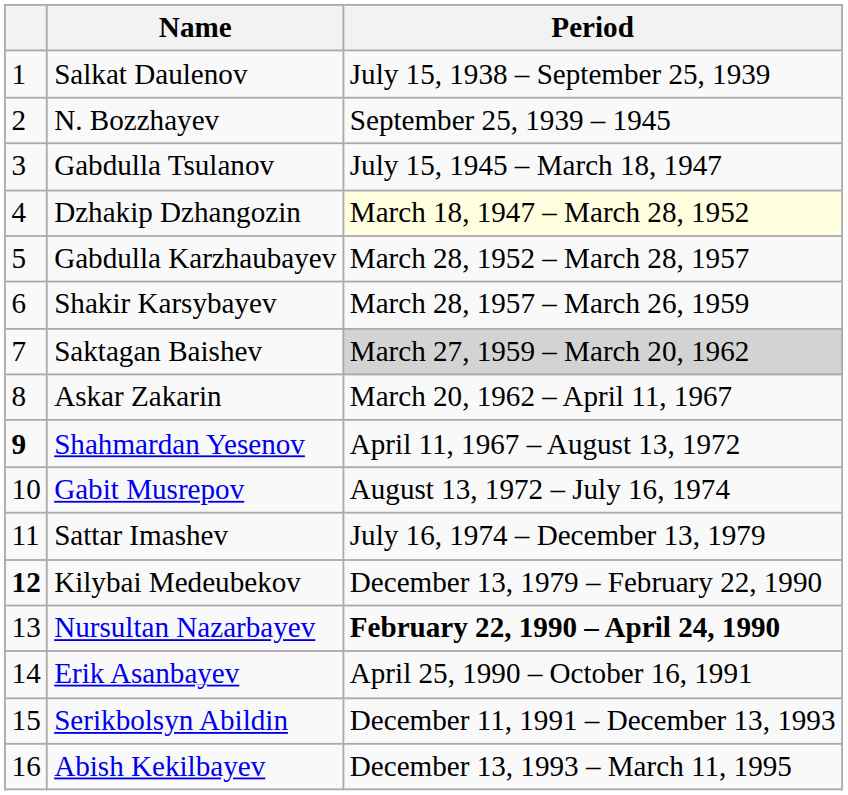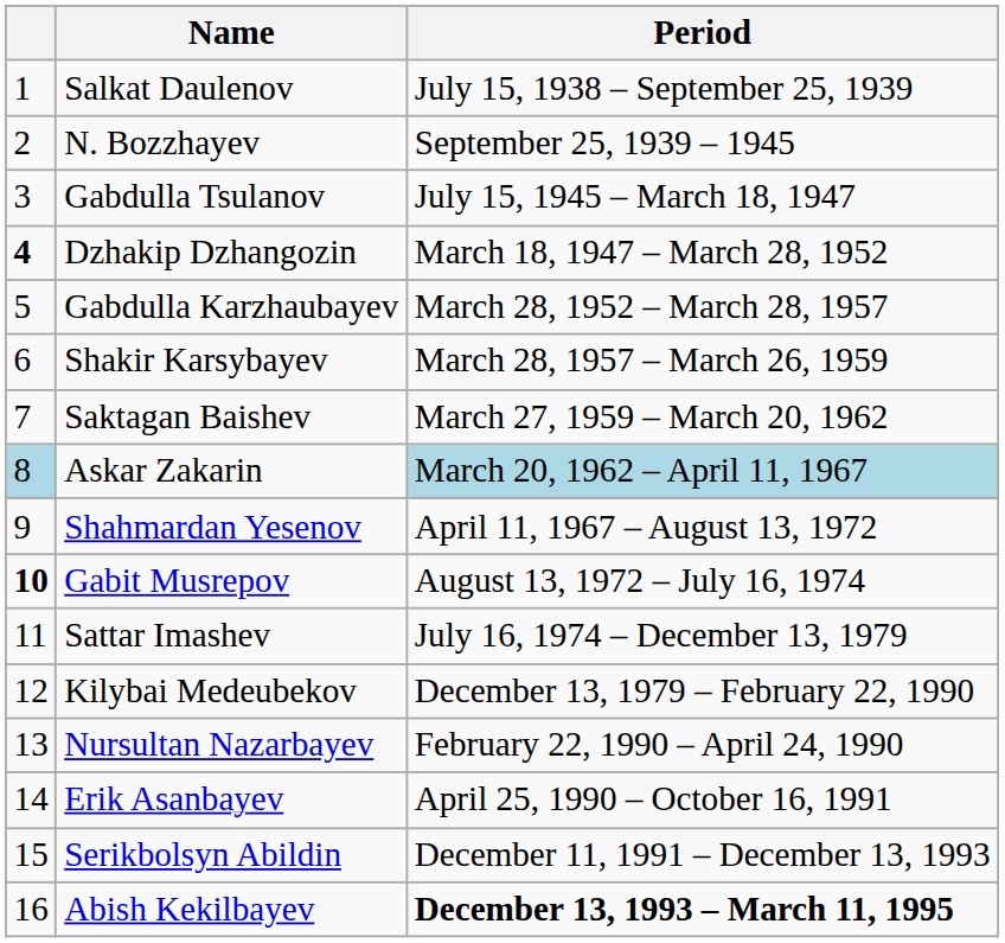 <table class="wikitable">
 <tr>
 <th></th>
 <th>Name</th>
 <th>Period</th>
 </tr>
 <tr>
 <td>1</td>
 <td>Salkat Daulenov</td>
 <td>July 15, 1938 – September 25, 1939</td>
 </tr>
 <tr>
 <td>2</td>
 <td>N. Bozzhayev</td>
 <td>September 25, 1939 – 1945</td>
 </tr>
 <tr>
 <td>3</td>
 <td>Gabdulla Tsulanov</td>
 <td>July 15, 1945 – March 18, 1947</td>
 </tr>
 <tr>
-<td>4</td>
+<td><strong>4</strong></td>
 <td>Dzhakip Dzhangozin</td>
-<td style="background: lightyellow;">March 18, 1947 – March 28, 1952</td>
+<td>March 18, 1947 – March 28, 1952</td>
 </tr>
 <tr>
 <td>5</td>
 <td>Gabdulla Karzhaubayev</td>
 <td>March 28, 1952 – March 28, 1957</td>
 </tr>
 <tr>
 <td>6</td>
 <td>Shakir Karsybayev</td>
 <td>March 28, 1957 – March 26, 1959</td>
 </tr>
 <tr>
 <td>7</td>
 <td>Saktagan Baishev</td>
-<td style="background: lightgrey;">March 27, 1959 – March 20, 1962</td>
+<td>March 27, 1959 – March 20, 1962</td>
 </tr>
 <tr>
-<td>8</td>
+<td style="background: lightblue;">8</td>
 <td>Askar Zakarin</td>
-<td>March 20, 1962 – April 11, 1967</td>
+<td style="background: lightblue;">March 20, 1962 – April 11, 1967</td>
 </tr>
 <tr>
-<td><strong>9</strong></td>
+<td>9</td>
 <td><a href='#'>Shahmardan Yesenov</a></td>
 <td>April 11, 1967 – August 13, 1972</td>
 </tr>
 <tr>
-<td>10</td>
+<td><strong>10</strong></td>
 <td><a href='#'>Gabit Musrepov</a></td>
 <td>August 13, 1972 – July 16, 1974</td>
 </tr>
 <tr>
 <td>11</td>
 <td>Sattar Imashev</td>
 <td>July 16, 1974 – December 13, 1979</td>
 </tr>
 <tr>
-<td><strong>12</strong></td>
+<td>12</td>
 <td>Kilybai Medeubekov</td>
 <td>December 13, 1979 – February 22, 1990</td>
 </tr>
 <tr>
 <td>13</td>
 <td><a href='#'>Nursultan Nazarbayev</a></td>
-<td><strong>February 22, 1990 – April 24, 1990</strong></td>
+<td>February 22, 1990 – April 24, 1990</td>
 </tr>
 <tr>
 <td>14</td>
 <td><a href='#'>Erik Asanbayev</a></td>
 <td>April 25, 1990 – October 16, 1991</td>
 </tr>
 <tr>
 <td>15</td>
 <td><a href='#'>Serikbolsyn Abildin</a></td>
 <td>December 11, 1991 – December 13, 1993</td>
 </tr>
 <tr>
 <td>16</td>
 <td><a href='#'>Abish Kekilbayev</a></td>
-<td>December 13, 1993 – March 11, 1995</td>
+<td><strong>December 13, 1993 – March 11, 1995</strong></td>
 </tr>
 </table>
